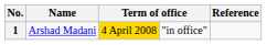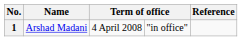 <table class="wikitable">
 <tr>
 <th>No.</th>
 <th>Name</th>
 <th colspan=2>Term of office</th>
 <th>Reference</th>
 </tr>
 <tr>
 <th>1</th>
 <td><a href='#'>Arshad Madani</a></td>
-<td style="background: gold;">4 April 2008</td>
+<td>4 April 2008</td>
 <td>"in office"</td>
 <td></td>
 </tr>
 </table>
